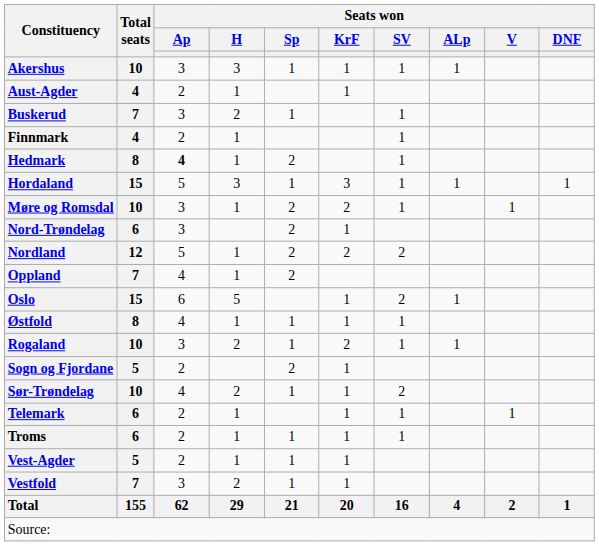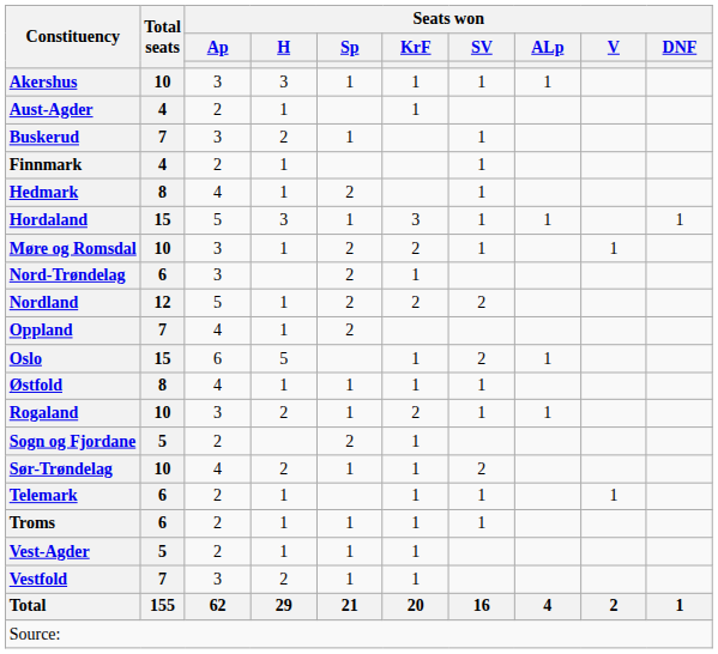 <table class="wikitable" style="text-align:center; font-size: 0.9em;">
 <tr>
 <th rowspan="3">Constituency</th>
 <th rowspan="3">Total<br>seats</th>
 <th colspan="8">Seats won</th>
 </tr>
 <tr>
 <th class="unsortable" style="width:50px;"><a href='#'>Ap</a></th>
 <th class="unsortable" style="width:50px;"><a href='#'>H</a></th>
 <th class="unsortable" style="width:50px;"><a href='#'>Sp</a></th>
 <th class="unsortable" style="width:50px;"><a href='#'>KrF</a></th>
 <th class="unsortable" style="width:50px;"><a href='#'>SV</a></th>
 <th class="unsortable" style="width:50px;"><a href='#'>ALp</a></th>
 <th class="unsortable" style="width:50px;"><a href='#'>V</a></th>
 <th class="unsortable" style="width:50px;"><a href='#'>DNF</a></th>
 </tr>
 <tr>
 <th style="background:"></th>
 <th style="background:"></th>
 <th style="background:"></th>
 <th style="background:"></th>
 <th style="background:"></th>
 <th style="background:"></th>
 <th style="background:"></th>
 <th style="background:"></th>
 </tr>
 <tr>
 <th style="text-align: left;"><a href='#'>Akershus</a></th>
 <th>10</th>
 <td>3</td>
 <td>3</td>
 <td>1</td>
 <td>1</td>
 <td>1</td>
 <td>1</td>
 <td></td>
 <td></td>
 </tr>
 <tr>
 <th style="text-align: left;"><a href='#'>Aust-Agder</a></th>
 <th>4</th>
 <td>2</td>
 <td>1</td>
 <td></td>
 <td>1</td>
 <td></td>
 <td></td>
 <td></td>
 <td></td>
 </tr>
 <tr>
 <th style="text-align: left;"><a href='#'>Buskerud</a></th>
 <th>7</th>
 <td>3</td>
 <td>2</td>
 <td>1</td>
 <td></td>
 <td>1</td>
 <td></td>
 <td></td>
 <td></td>
 </tr>
 <tr>
 <th style="text-align: left;">Finnmark</th>
 <th>4</th>
 <td>2</td>
 <td>1</td>
 <td></td>
 <td></td>
 <td>1</td>
 <td></td>
 <td></td>
 <td></td>
 </tr>
 <tr>
 <th style="text-align: left;"><a href='#'>Hedmark</a></th>
 <th>8</th>
-<td><strong>4</strong></td>
+<td>4</td>
 <td>1</td>
 <td>2</td>
 <td></td>
 <td>1</td>
 <td></td>
 <td></td>
 <td></td>
 </tr>
 <tr>
 <th style="text-align: left;"><a href='#'>Hordaland</a></th>
 <th>15</th>
 <td>5</td>
 <td>3</td>
 <td>1</td>
 <td>3</td>
 <td>1</td>
 <td>1</td>
 <td></td>
 <td>1</td>
 </tr>
 <tr>
 <th style="text-align: left;"><a href='#'>Møre og Romsdal</a></th>
 <th>10</th>
 <td>3</td>
 <td>1</td>
 <td>2</td>
 <td>2</td>
 <td>1</td>
 <td></td>
 <td>1</td>
 <td></td>
 </tr>
 <tr>
 <th style="text-align: left;"><a href='#'>Nord-Trøndelag</a></th>
 <th>6</th>
 <td>3</td>
 <td></td>
 <td>2</td>
 <td>1</td>
 <td></td>
 <td></td>
 <td></td>
 <td></td>
 </tr>
 <tr>
 <th style="text-align: left;"><a href='#'>Nordland</a></th>
 <th>12</th>
 <td>5</td>
 <td>1</td>
 <td>2</td>
 <td>2</td>
 <td>2</td>
 <td></td>
 <td></td>
 <td></td>
 </tr>
 <tr>
 <th style="text-align: left;"><a href='#'>Oppland</a></th>
 <th>7</th>
 <td>4</td>
 <td>1</td>
 <td>2</td>
 <td></td>
 <td></td>
 <td></td>
 <td></td>
 <td></td>
 </tr>
 <tr>
 <th style="text-align: left;"><a href='#'>Oslo</a></th>
 <th>15</th>
 <td>6</td>
 <td>5</td>
 <td></td>
 <td>1</td>
 <td>2</td>
 <td>1</td>
 <td></td>
 <td></td>
 </tr>
 <tr>
 <th style="text-align: left;"><a href='#'>Østfold</a></th>
 <th>8</th>
 <td>4</td>
 <td>1</td>
 <td>1</td>
 <td>1</td>
 <td>1</td>
 <td></td>
 <td></td>
 <td></td>
 </tr>
 <tr>
 <th style="text-align: left;"><a href='#'>Rogaland</a></th>
 <th>10</th>
 <td>3</td>
 <td>2</td>
 <td>1</td>
 <td>2</td>
 <td>1</td>
 <td>1</td>
 <td></td>
 <td></td>
 </tr>
 <tr>
 <th style="text-align: left;"><a href='#'>Sogn og Fjordane</a></th>
 <th>5</th>
 <td>2</td>
 <td></td>
 <td>2</td>
 <td>1</td>
 <td></td>
 <td></td>
 <td></td>
 <td></td>
 </tr>
 <tr>
 <th style="text-align: left;"><a href='#'>Sør-Trøndelag</a></th>
 <th>10</th>
 <td>4</td>
 <td>2</td>
 <td>1</td>
 <td>1</td>
 <td>2</td>
 <td></td>
 <td></td>
 <td></td>
 </tr>
 <tr>
 <th style="text-align: left;"><a href='#'>Telemark</a></th>
 <th>6</th>
 <td>2</td>
 <td>1</td>
 <td></td>
 <td>1</td>
 <td>1</td>
 <td></td>
 <td>1</td>
 <td></td>
 </tr>
 <tr>
 <th style="text-align: left;">Troms</th>
 <th>6</th>
 <td>2</td>
 <td>1</td>
 <td>1</td>
 <td>1</td>
 <td>1</td>
 <td></td>
 <td></td>
 <td></td>
 </tr>
 <tr>
 <th style="text-align: left;"><a href='#'>Vest-Agder</a></th>
 <th>5</th>
 <td>2</td>
 <td>1</td>
 <td>1</td>
 <td>1</td>
 <td></td>
 <td></td>
 <td></td>
 <td></td>
 </tr>
 <tr>
 <th style="text-align: left;"><a href='#'>Vestfold</a></th>
 <th>7</th>
 <td>3</td>
 <td>2</td>
 <td>1</td>
 <td>1</td>
 <td></td>
 <td></td>
 <td></td>
 <td></td>
 </tr>
 <tr>
 <th style="text-align: left;">Total</th>
 <th>155</th>
 <th>62</th>
 <th>29</th>
 <th>21</th>
 <th>20</th>
 <th>16</th>
 <th>4</th>
 <th>2</th>
 <th>1</th>
 </tr>
 <tr>
 <td align=left colspan="10">Source: </td>
 </tr>
 </table>
